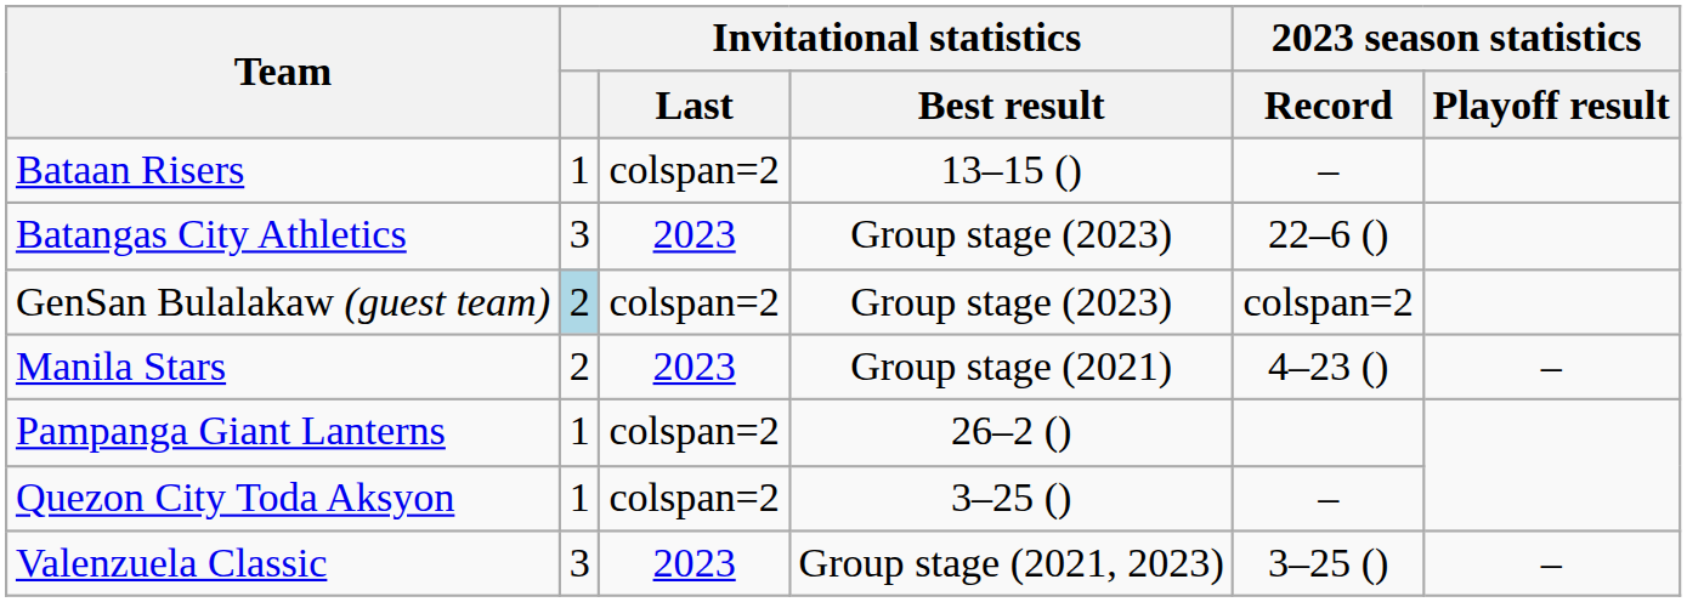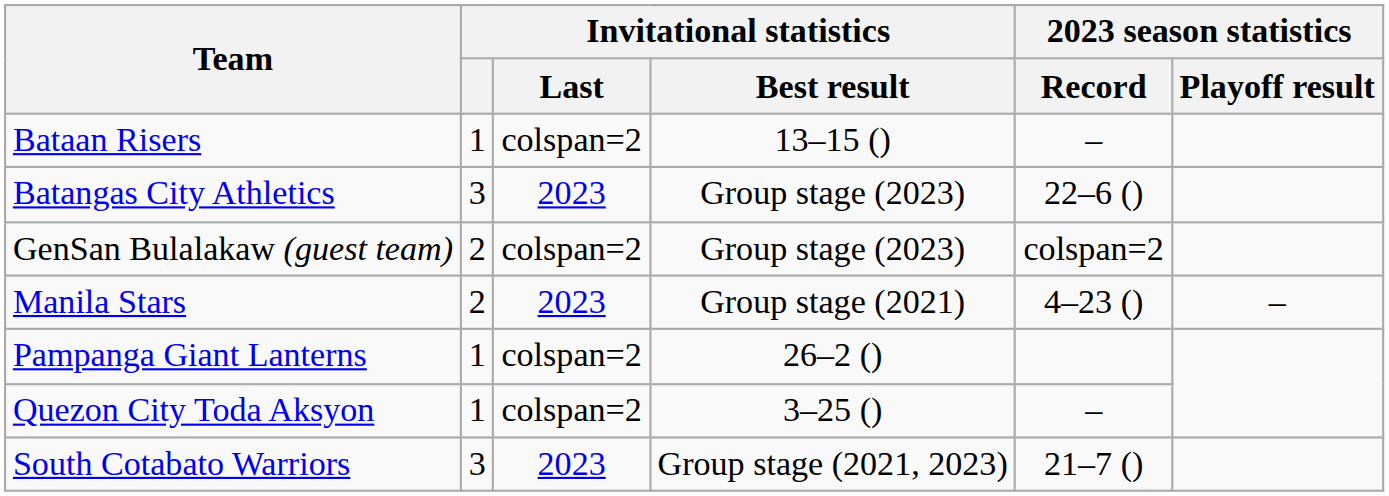 <table class="wikitable sortable" style="text-align:center">
 <tr>
 <th rowspan=2>Team</th>
 <th colspan=3>Invitational statistics</th>
 <th colspan=2>2023 season statistics</th>
 </tr>
 <tr>
 <th></th>
 <th>Last</th>
 <th>Best result</th>
 <th>Record</th>
 <th>Playoff result</th>
 </tr>
 <tr>
 <td align=left><a href='#'>Bataan Risers</a></td>
 <td>1</td>
 <td>colspan=2 </td>
 <td>13–15 ()</td>
 <td>–</td>
 </tr>
 <tr>
 <td align=left><a href='#'>Batangas City Athletics</a></td>
 <td>3</td>
 <td><a href='#'>2023</a></td>
 <td>Group stage (2023)</td>
 <td>22–6 ()</td>
 <td></td>
 </tr>
 <tr>
 <td align=left>GenSan Bulalakaw <em>(guest team)</em></td>
-<td style="background: lightblue;">2</td>
+<td>2</td>
 <td>colspan=2 </td>
 <td>Group stage (2023)</td>
 <td>colspan=2 </td>
 </tr>
 <tr>
 <td align=left><a href='#'>Manila Stars</a></td>
 <td>2</td>
 <td><a href='#'>2023</a></td>
 <td>Group stage (2021)</td>
 <td>4–23 ()</td>
 <td>–</td>
 </tr>
 <tr>
 <td align=left><a href='#'>Pampanga Giant Lanterns</a></td>
 <td>1</td>
 <td>colspan=2 </td>
 <td>26–2 ()</td>
 <td></td>
 </tr>
 <tr>
 <td align=left><a href='#'>Quezon City Toda Aksyon</a></td>
 <td>1</td>
 <td>colspan=2 </td>
 <td>3–25 ()</td>
 <td>–</td>
 </tr>
 <tr>
-<td align=left><a href='#'>Valenzuela Classic</a></td>
+<td align=left><a href='#'>South Cotabato Warriors</a></td>
 <td>3</td>
 <td><a href='#'>2023</a></td>
 <td>Group stage (2021, 2023)</td>
-<td>3–25 ()</td>
-<td>–</td>
+<td>21–7 ()</td>
+<td></td>
 </tr>
 </table>
